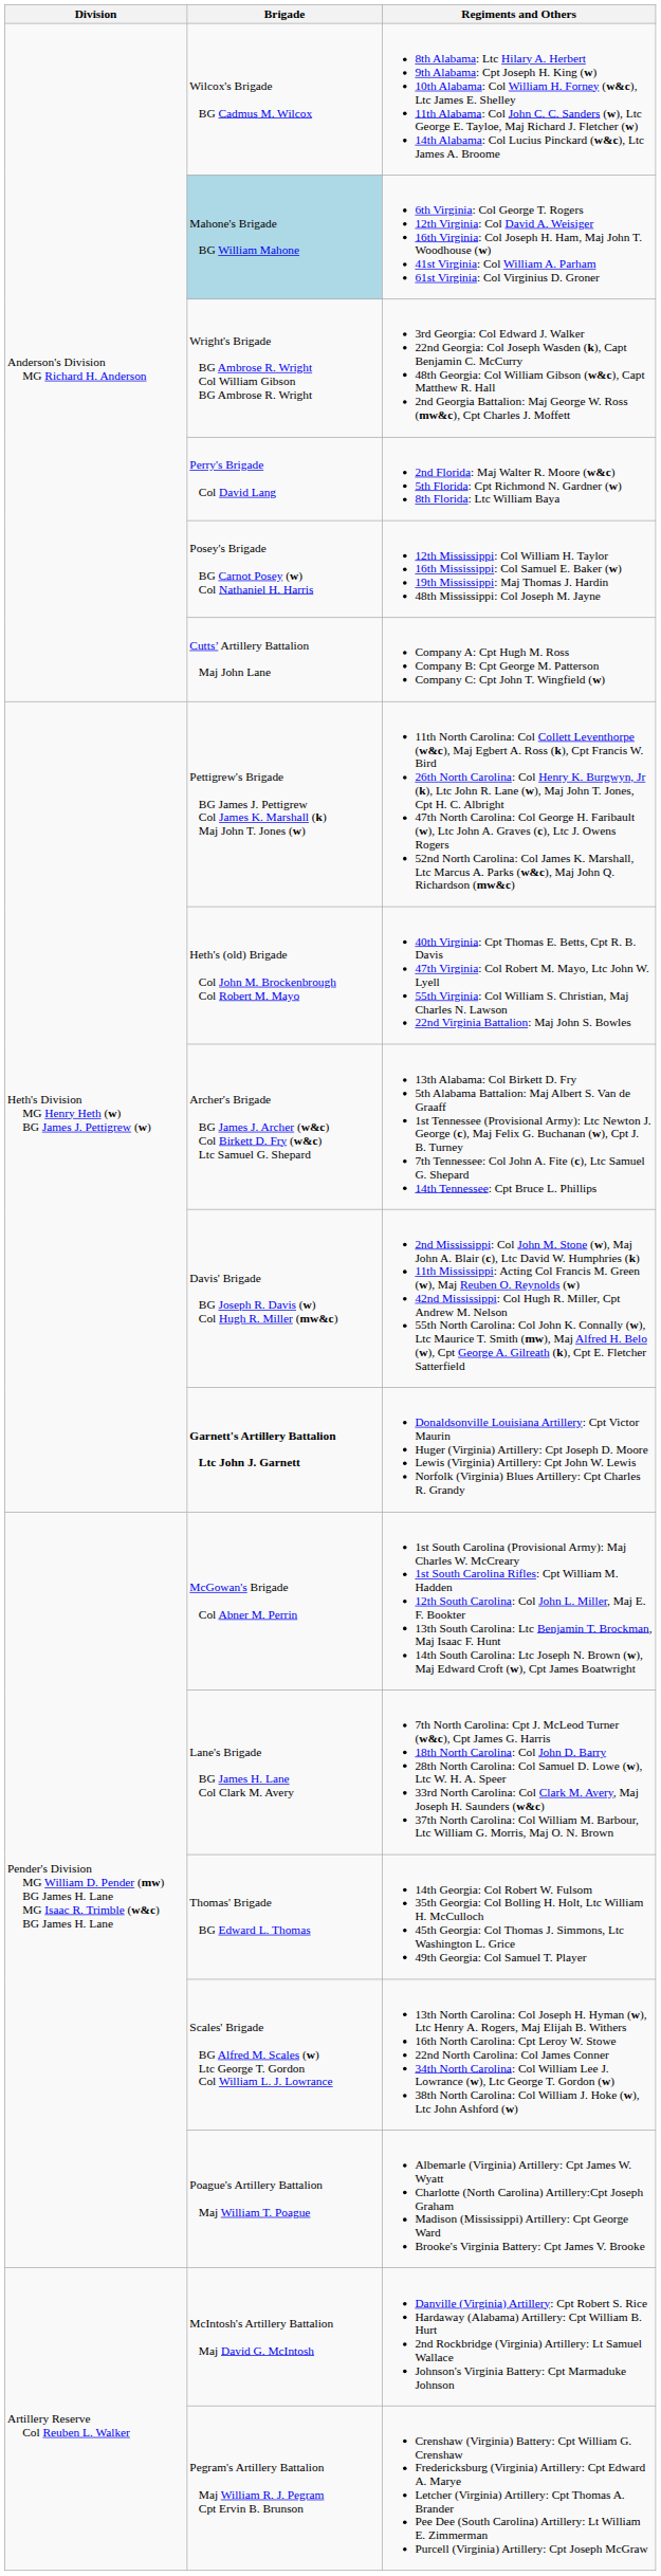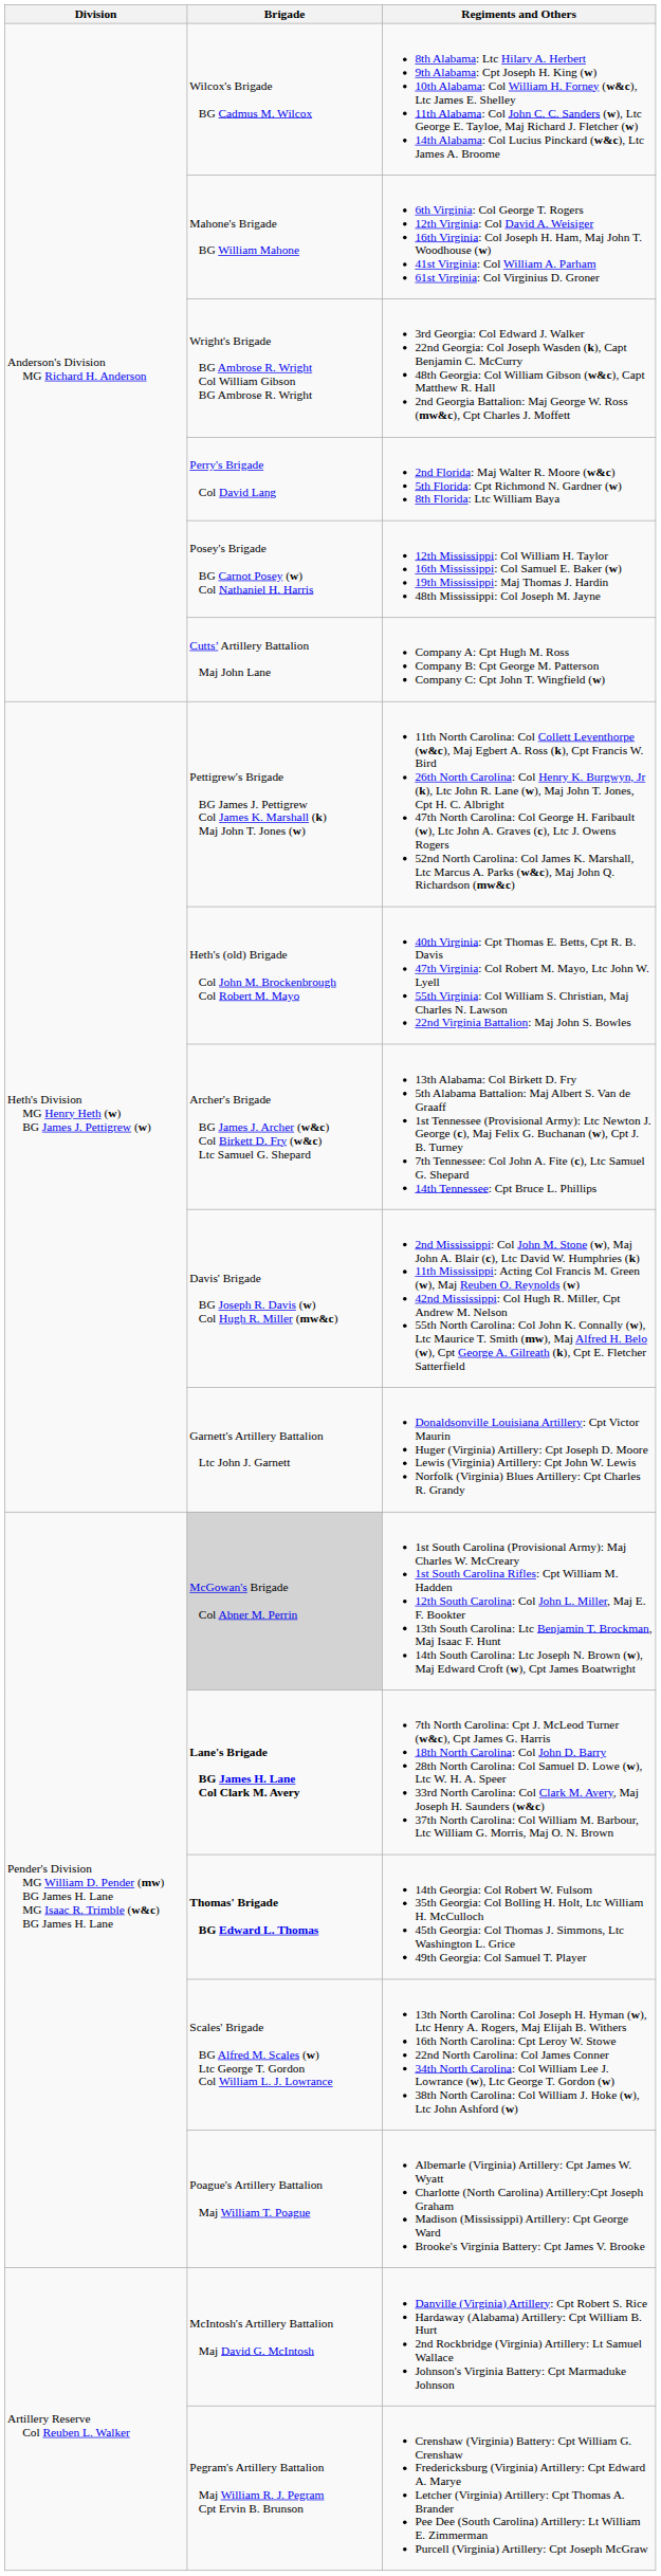 <table class="wikitable">
 <tr>
 <th style="width:28%;">Division</th>
 <th style="width:30%;">Brigade</th>
 <th>Regiments and Others</th>
 </tr>
 <tr>
 <td rowspan=6><br>Anderson's Division <br>     MG <a href='#'>Richard H. Anderson</a></td>
 <td>Wilcox's Brigade<br><br>   BG <a href='#'>Cadmus M. Wilcox</a></td>
 <td><br><ul><li><a href='#'>8th Alabama</a>: Ltc <a href='#'>Hilary A. Herbert</a></li><li><a href='#'>9th Alabama</a>: Cpt Joseph H. King (<strong>w</strong>)</li><li><a href='#'>10th Alabama</a>: Col <a href='#'>William H. Forney</a> (<strong>w&c</strong>), Ltc James E. Shelley</li><li><a href='#'>11th Alabama</a>: Col <a href='#'>John C. C. Sanders</a> (<strong>w</strong>), Ltc George E. Tayloe, Maj Richard J. Fletcher (<strong>w</strong>)</li><li><a href='#'>14th Alabama</a>: Col Lucius Pinckard (<strong>w&c</strong>), Ltc James A. Broome</li></ul></td>
 </tr>
 <tr>
-<td style="background: lightblue;">Mahone's Brigade<br><br>   BG <a href='#'>William Mahone</a></td>
+<td>Mahone's Brigade<br><br>   BG <a href='#'>William Mahone</a></td>
 <td><br><ul><li><a href='#'>6th Virginia</a>: Col George T. Rogers</li><li><a href='#'>12th Virginia</a>: Col <a href='#'>David A. Weisiger</a></li><li><a href='#'>16th Virginia</a>: Col Joseph H. Ham, Maj John T. Woodhouse (<strong>w</strong>)</li><li><a href='#'>41st Virginia</a>: Col <a href='#'>William A. Parham</a></li><li><a href='#'>61st Virginia</a>: Col Virginius D. Groner</li></ul></td>
 </tr>
 <tr>
 <td>Wright's Brigade<br><br>   BG <a href='#'>Ambrose R. Wright</a> <br>   Col William Gibson <br>   BG Ambrose R. Wright</td>
 <td><br><ul><li>3rd Georgia: Col Edward J. Walker</li><li>22nd Georgia: Col Joseph Wasden (<strong>k</strong>), Capt Benjamin C. McCurry</li><li>48th Georgia: Col William Gibson (<strong>w&c</strong>), Capt Matthew R. Hall</li><li>2nd Georgia Battalion: Maj George W. Ross (<strong>mw&c</strong>), Cpt Charles J. Moffett</li></ul></td>
 </tr>
 <tr>
 <td><a href='#'>Perry's Brigade</a><br><br>   Col <a href='#'>David Lang</a></td>
 <td><br><ul><li><a href='#'>2nd Florida</a>: Maj Walter R. Moore (<strong>w&c</strong>)</li><li><a href='#'>5th Florida</a>: Cpt Richmond N. Gardner (<strong>w</strong>)</li><li><a href='#'>8th Florida</a>: Ltc William Baya</li></ul></td>
 </tr>
 <tr>
 <td>Posey's Brigade<br><br>   BG <a href='#'>Carnot Posey</a> (<strong>w</strong>) <br>   Col <a href='#'>Nathaniel H. Harris</a></td>
 <td><br><ul><li><a href='#'>12th Mississippi</a>: Col William H. Taylor</li><li><a href='#'>16th Mississippi</a>: Col Samuel E. Baker (<strong>w</strong>)</li><li><a href='#'>19th Mississippi</a>: Maj Thomas J. Hardin</li><li>48th Mississippi: Col Joseph M. Jayne</li></ul></td>
 </tr>
 <tr>
 <td><a href='#'>Cutts’</a> Artillery Battalion<br><br>   Maj John Lane</td>
 <td><br><ul><li>Company A: Cpt Hugh M. Ross</li><li>Company B: Cpt George M. Patterson</li><li>Company C: Cpt John T. Wingfield (<strong>w</strong>)</li></ul></td>
 </tr>
 <tr>
 <td rowspan=5><br>Heth's Division <br>     MG <a href='#'>Henry Heth</a> (<strong>w</strong>) <br>     BG <a href='#'>James J. Pettigrew</a> (<strong>w</strong>)</td>
 <td>Pettigrew's Brigade<br><br>   BG James J. Pettigrew <br>   Col <a href='#'>James K. Marshall</a> (<strong>k</strong>) <br>   Maj John T. Jones (<strong>w</strong>)</td>
 <td><br><ul><li>11th North Carolina: Col <a href='#'>Collett Leventhorpe</a> (<strong>w&c</strong>), Maj Egbert A. Ross (<strong>k</strong>), Cpt Francis W. Bird</li><li><a href='#'>26th North Carolina</a>: Col <a href='#'>Henry K. Burgwyn, Jr</a> (<strong>k</strong>), Ltc John R. Lane (<strong>w</strong>), Maj John T. Jones, Cpt H. C. Albright</li><li>47th North Carolina: Col George H. Faribault (<strong>w</strong>), Ltc John A. Graves (<strong>c</strong>), Ltc J. Owens Rogers</li><li>52nd North Carolina: Col James K. Marshall, Ltc Marcus A. Parks (<strong>w&c</strong>), Maj John Q. Richardson (<strong>mw&c</strong>)</li></ul></td>
 </tr>
 <tr>
 <td>Heth's (old) Brigade<br><br>   Col <a href='#'>John M. Brockenbrough</a> <br>   Col <a href='#'>Robert M. Mayo</a></td>
 <td><br><ul><li><a href='#'>40th Virginia</a>: Cpt Thomas E. Betts, Cpt R. B. Davis</li><li><a href='#'>47th Virginia</a>: Col Robert M. Mayo, Ltc John W. Lyell</li><li><a href='#'>55th Virginia</a>: Col William S. Christian, Maj Charles N. Lawson</li><li><a href='#'>22nd Virginia Battalion</a>: Maj John S. Bowles</li></ul></td>
 </tr>
 <tr>
 <td>Archer's Brigade<br><br>   BG <a href='#'>James J. Archer</a> (<strong>w&c</strong>) <br>   Col <a href='#'>Birkett D. Fry</a> (<strong>w&c</strong>) <br>   Ltc Samuel G. Shepard</td>
 <td><br><ul><li>13th Alabama: Col Birkett D. Fry</li><li>5th Alabama Battalion: Maj Albert S. Van de Graaff</li><li>1st Tennessee (Provisional Army): Ltc Newton J. George (<strong>c</strong>), Maj Felix G. Buchanan (<strong>w</strong>), Cpt J. B. Turney</li><li>7th Tennessee: Col John A. Fite (<strong>c</strong>), Ltc Samuel G. Shepard</li><li><a href='#'>14th Tennessee</a>: Cpt Bruce L. Phillips</li></ul></td>
 </tr>
 <tr>
 <td>Davis' Brigade<br><br>   BG <a href='#'>Joseph R. Davis</a> (<strong>w</strong>) <br>   Col <a href='#'>Hugh R. Miller</a> (<strong>mw&c</strong>)</td>
 <td><br><ul><li><a href='#'>2nd Mississippi</a>: Col <a href='#'>John M. Stone</a> (<strong>w</strong>), Maj John A. Blair (<strong>c</strong>), Ltc David W. Humphries  (<strong>k</strong>)</li><li><a href='#'>11th Mississippi</a>: Acting Col Francis M. Green (<strong>w</strong>), Maj <a href='#'>Reuben O. Reynolds</a> (<strong>w</strong>)</li><li><a href='#'>42nd Mississippi</a>: Col Hugh R. Miller, Cpt Andrew M. Nelson</li><li>55th North Carolina: Col John K. Connally (<strong>w</strong>), Ltc Maurice T. Smith (<strong>mw</strong>), Maj <a href='#'>Alfred H. Belo</a> (<strong>w</strong>), Cpt <a href='#'>George A. Gilreath</a> (<strong>k</strong>), Cpt E. Fletcher Satterfield</li></ul></td>
 </tr>
 <tr>
-<td><strong>Garnett's Artillery Battalion<br><br>   Ltc John J. Garnett</strong></td>
+<td>Garnett's Artillery Battalion<br><br>   Ltc John J. Garnett</td>
 <td><br><ul><li><a href='#'>Donaldsonville Louisiana Artillery</a>: Cpt Victor Maurin</li><li>Huger (Virginia) Artillery: Cpt Joseph D. Moore</li><li>Lewis (Virginia) Artillery: Cpt John W. Lewis</li><li>Norfolk (Virginia) Blues Artillery: Cpt Charles R. Grandy</li></ul></td>
 </tr>
 <tr>
 <td rowspan=5><br>Pender's Division <br>     MG <a href='#'>William D. Pender</a> (<strong>mw</strong>) <br>     BG James H. Lane <br>     MG <a href='#'>Isaac R. Trimble</a> (<strong>w&c</strong>) <br>     BG James H. Lane</td>
-<td><a href='#'>McGowan's</a> Brigade<br><br>   Col <a href='#'>Abner M. Perrin</a></td>
+<td style="background: lightgrey;"><a href='#'>McGowan's</a> Brigade<br><br>   Col <a href='#'>Abner M. Perrin</a></td>
 <td><br><ul><li>1st South Carolina (Provisional Army): Maj Charles W. McCreary</li><li><a href='#'>1st South Carolina Rifles</a>: Cpt William M. Hadden</li><li><a href='#'>12th South Carolina</a>: Col <a href='#'>John L. Miller</a>, Maj E. F. Bookter</li><li>13th South Carolina: Ltc <a href='#'>Benjamin T. Brockman</a>, Maj Isaac F. Hunt</li><li>14th South Carolina: Ltc Joseph N. Brown (<strong>w</strong>), Maj Edward Croft (<strong>w</strong>), Cpt James Boatwright</li></ul></td>
 </tr>
 <tr>
-<td>Lane's Brigade<br><br>   BG <a href='#'>James H. Lane</a> <br>   Col Clark M. Avery</td>
+<td><strong>Lane's Brigade<br><br>   BG <a href='#'>James H. Lane</a> <br>   Col Clark M. Avery</strong></td>
 <td><br><ul><li>7th North Carolina: Cpt J. McLeod Turner (<strong>w&c</strong>), Cpt James G. Harris</li><li><a href='#'>18th North Carolina</a>: Col <a href='#'>John D. Barry</a></li><li>28th North Carolina: Col Samuel D. Lowe (<strong>w</strong>), Ltc W. H. A. Speer</li><li>33rd North Carolina: Col <a href='#'>Clark M. Avery</a>, Maj Joseph H. Saunders (<strong>w&c</strong>)</li><li>37th North Carolina: Col William M. Barbour, Ltc William G. Morris, Maj O. N. Brown</li></ul></td>
 </tr>
 <tr>
-<td>Thomas' Brigade<br><br>   BG <a href='#'>Edward L. Thomas</a></td>
+<td><strong>Thomas' Brigade<br><br>   BG <a href='#'>Edward L. Thomas</a></strong></td>
 <td><br><ul><li>14th Georgia: Col Robert W. Fulsom</li><li>35th Georgia: Col Bolling H. Holt, Ltc William H. McCulloch</li><li>45th Georgia: Col Thomas J. Simmons, Ltc Washington L. Grice</li><li>49th Georgia: Col Samuel T. Player</li></ul></td>
 </tr>
 <tr>
 <td>Scales' Brigade<br><br>   BG <a href='#'>Alfred M. Scales</a> (<strong>w</strong>) <br>   Ltc George T. Gordon <br>   Col <a href='#'>William L. J. Lowrance</a></td>
 <td><br><ul><li>13th North Carolina: Col Joseph H. Hyman (<strong>w</strong>), Ltc Henry A. Rogers, Maj Elijah B. Withers</li><li>16th North Carolina: Cpt Leroy W. Stowe</li><li>22nd North Carolina: Col James Conner</li><li><a href='#'>34th North Carolina</a>: Col William Lee J. Lowrance (<strong>w</strong>), Ltc George T. Gordon (<strong>w</strong>)</li><li>38th North Carolina: Col William J. Hoke (<strong>w</strong>), Ltc John Ashford (<strong>w</strong>)</li></ul></td>
 </tr>
 <tr>
 <td>Poague's Artillery Battalion<br><br>   Maj <a href='#'>William T. Poague</a></td>
 <td><br><ul><li>Albemarle (Virginia) Artillery: Cpt James W. Wyatt</li><li>Charlotte (North Carolina) Artillery:Cpt Joseph Graham</li><li>Madison (Mississippi) Artillery: Cpt George Ward</li><li>Brooke's Virginia Battery: Cpt James V. Brooke</li></ul></td>
 </tr>
 <tr>
 <td rowspan=2><br>Artillery Reserve <br>     Col <a href='#'>Reuben L. Walker</a></td>
 <td>McIntosh's Artillery Battalion<br><br>   Maj <a href='#'>David G. McIntosh</a></td>
 <td><br><ul><li><a href='#'>Danville (Virginia) Artillery</a>: Cpt Robert S. Rice</li><li>Hardaway (Alabama) Artillery: Cpt William B. Hurt</li><li>2nd Rockbridge (Virginia) Artillery: Lt Samuel Wallace</li><li>Johnson's Virginia Battery: Cpt Marmaduke Johnson</li></ul></td>
 </tr>
 <tr>
 <td>Pegram's Artillery Battalion<br><br>   Maj <a href='#'>William R. J. Pegram</a> <br>   Cpt Ervin B. Brunson</td>
 <td><br><ul><li>Crenshaw (Virginia) Battery: Cpt William G. Crenshaw</li><li>Fredericksburg (Virginia) Artillery: Cpt Edward A. Marye</li><li>Letcher (Virginia) Artillery: Cpt Thomas A. Brander</li><li>Pee Dee (South Carolina) Artillery: Lt William E. Zimmerman</li><li>Purcell (Virginia) Artillery: Cpt Joseph McGraw</li></ul></td>
 </tr>
 </table>
